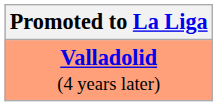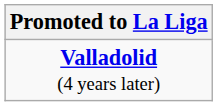 <table class="wikitable" style="text-align: center; margin: 0 auto;">
 <tr>
 <th colspan="9">Promoted to  <a href='#'>La Liga</a></th>
 </tr>
 <tr>
-<td style="background: lightsalmon;"><strong><a href='#'>Valladolid</a></strong><br><small>(4 years later)</small></td>
+<td><strong><a href='#'>Valladolid</a></strong><br><small>(4 years later)</small></td>
 </tr>
 </table>
